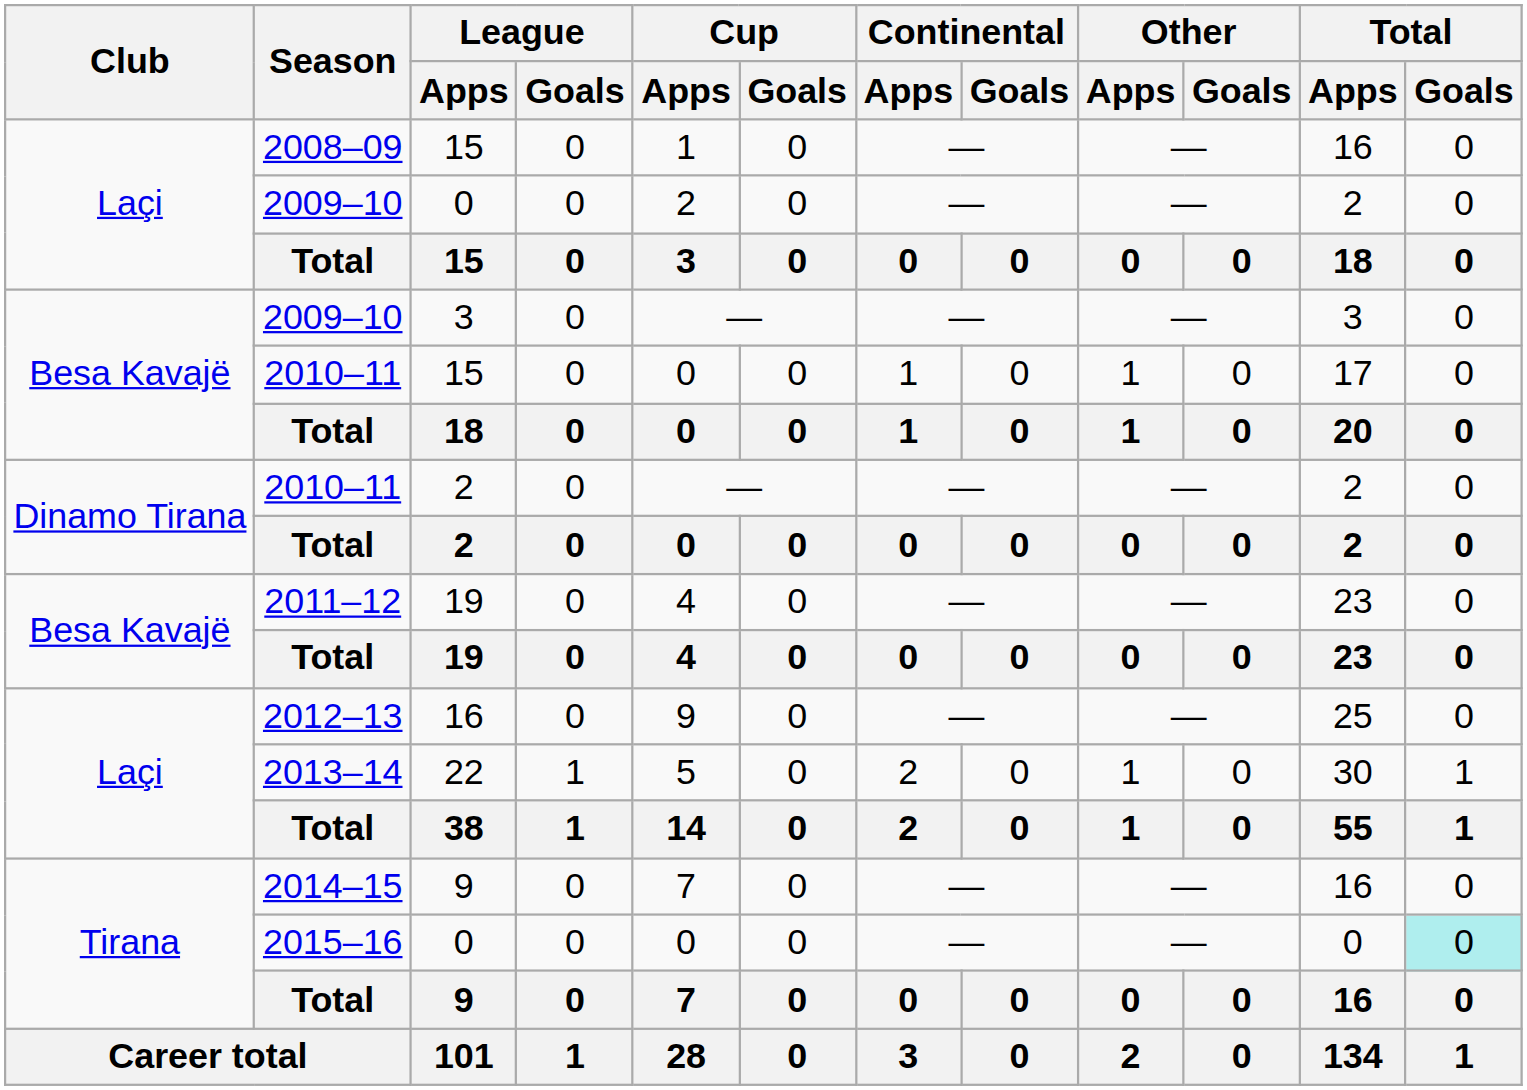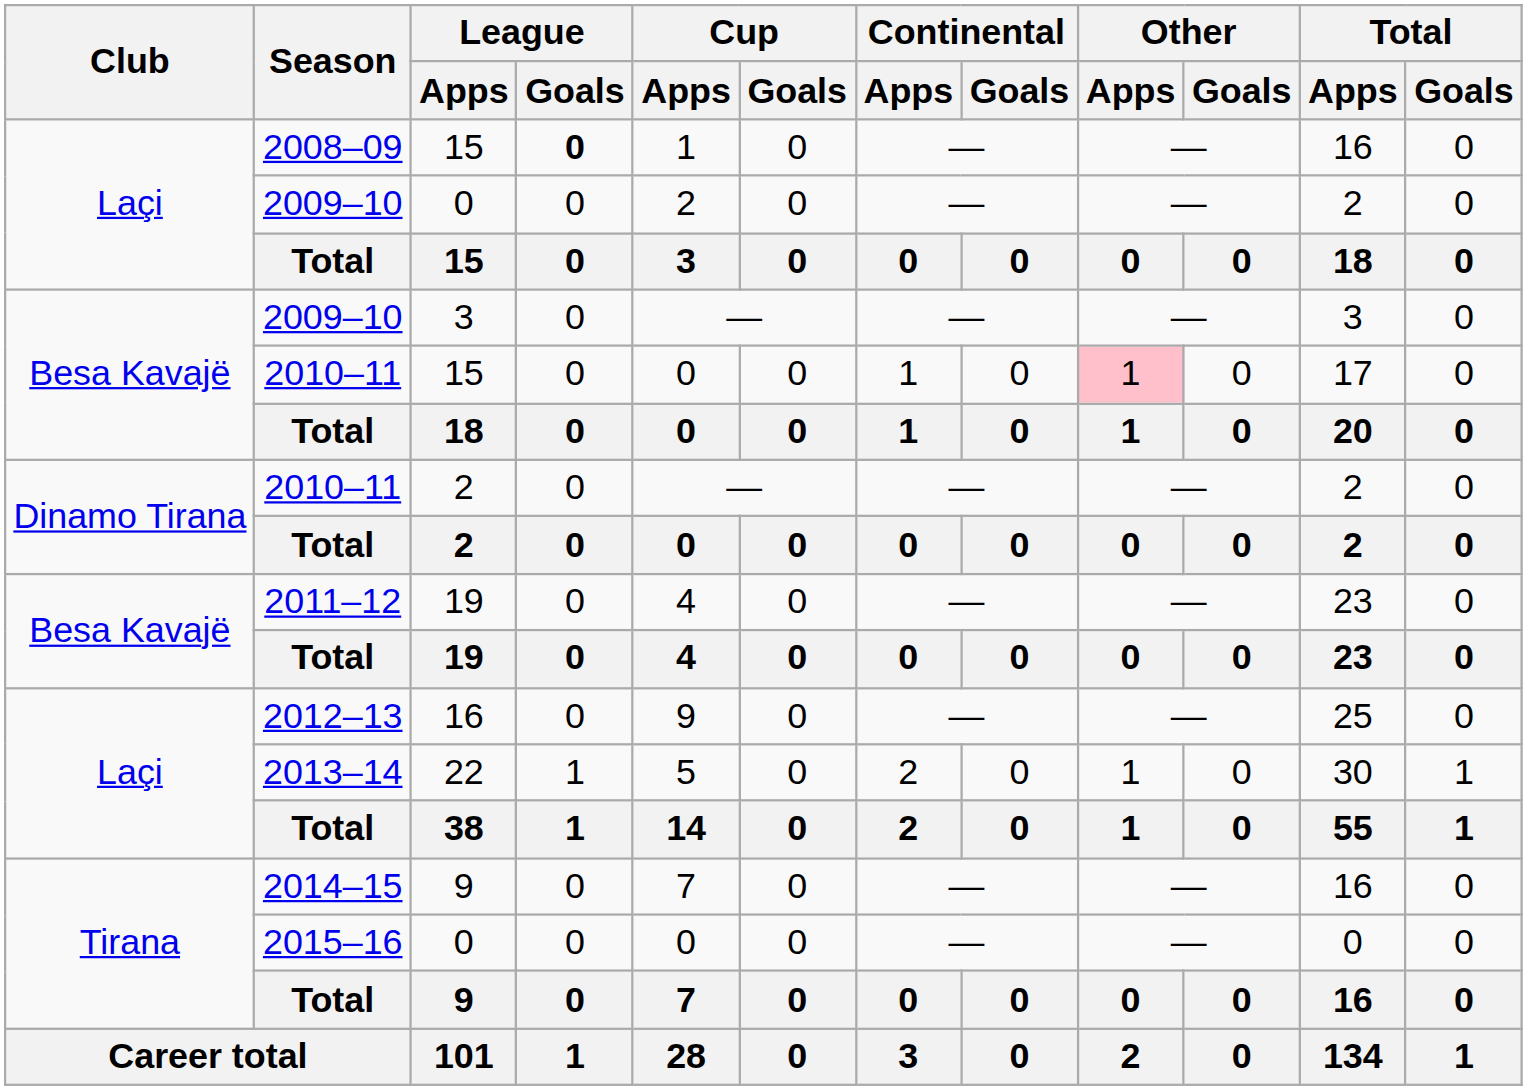 <table class="wikitable" style="text-align: center;">
 <tr>
 <th rowspan="2">Club</th>
 <th rowspan="2">Season</th>
 <th colspan="2">League</th>
 <th colspan="2">Cup</th>
 <th colspan="2">Continental</th>
 <th colspan="2">Other</th>
 <th colspan="2">Total</th>
 </tr>
 <tr>
 <th>Apps</th>
 <th>Goals</th>
 <th>Apps</th>
 <th>Goals</th>
 <th>Apps</th>
 <th>Goals</th>
 <th>Apps</th>
 <th>Goals</th>
 <th>Apps</th>
 <th>Goals</th>
 </tr>
 <tr>
 <td rowspan="3" valign="center"><a href='#'>Laçi</a></td>
 <td><a href='#'>2008–09</a></td>
 <td>15</td>
-<td>0</td>
+<td><strong>0</strong></td>
 <td>1</td>
 <td>0</td>
 <td colspan="2">—</td>
 <td colspan="2">—</td>
 <td>16</td>
 <td>0</td>
 </tr>
 <tr>
 <td><a href='#'>2009–10</a></td>
 <td>0</td>
 <td>0</td>
 <td>2</td>
 <td>0</td>
 <td colspan="2">—</td>
 <td colspan="2">—</td>
 <td>2</td>
 <td>0</td>
 </tr>
 <tr>
 <th>Total</th>
 <th>15</th>
 <th>0</th>
 <th>3</th>
 <th>0</th>
 <th>0</th>
 <th>0</th>
 <th>0</th>
 <th>0</th>
 <th>18</th>
 <th>0</th>
 </tr>
 <tr>
 <td rowspan="3" valign="center"><a href='#'>Besa Kavajë</a></td>
 <td><a href='#'>2009–10</a></td>
 <td>3</td>
 <td>0</td>
 <td colspan="2">—</td>
 <td colspan="2">—</td>
 <td colspan="2">—</td>
 <td>3</td>
 <td>0</td>
 </tr>
 <tr>
 <td><a href='#'>2010–11</a></td>
 <td>15</td>
 <td>0</td>
 <td>0</td>
 <td>0</td>
 <td>1</td>
 <td>0</td>
-<td>1</td>
+<td style="background: pink;">1</td>
 <td>0</td>
 <td>17</td>
 <td>0</td>
 </tr>
 <tr>
 <th>Total</th>
 <th>18</th>
 <th>0</th>
 <th>0</th>
 <th>0</th>
 <th>1</th>
 <th>0</th>
 <th>1</th>
 <th>0</th>
 <th>20</th>
 <th>0</th>
 </tr>
 <tr>
 <td rowspan="2" valign="center"><a href='#'>Dinamo Tirana</a></td>
 <td><a href='#'>2010–11</a></td>
 <td>2</td>
 <td>0</td>
 <td colspan="2">—</td>
 <td colspan="2">—</td>
 <td colspan="2">—</td>
 <td>2</td>
 <td>0</td>
 </tr>
 <tr>
 <th>Total</th>
 <th>2</th>
 <th>0</th>
 <th>0</th>
 <th>0</th>
 <th>0</th>
 <th>0</th>
 <th>0</th>
 <th>0</th>
 <th>2</th>
 <th>0</th>
 </tr>
 <tr>
 <td rowspan="2" valign="center"><a href='#'>Besa Kavajë</a></td>
 <td><a href='#'>2011–12</a></td>
 <td>19</td>
 <td>0</td>
 <td>4</td>
 <td>0</td>
 <td colspan="2">—</td>
 <td colspan="2">—</td>
 <td>23</td>
 <td>0</td>
 </tr>
 <tr>
 <th>Total</th>
 <th>19</th>
 <th>0</th>
 <th>4</th>
 <th>0</th>
 <th>0</th>
 <th>0</th>
 <th>0</th>
 <th>0</th>
 <th>23</th>
 <th>0</th>
 </tr>
 <tr>
 <td rowspan="3" valign="center"><a href='#'>Laçi</a></td>
 <td><a href='#'>2012–13</a></td>
 <td>16</td>
 <td>0</td>
 <td>9</td>
 <td>0</td>
 <td colspan="2">—</td>
 <td colspan="2">—</td>
 <td>25</td>
 <td>0</td>
 </tr>
 <tr>
 <td><a href='#'>2013–14</a></td>
 <td>22</td>
 <td>1</td>
 <td>5</td>
 <td>0</td>
 <td>2</td>
 <td>0</td>
 <td>1</td>
 <td>0</td>
 <td>30</td>
 <td>1</td>
 </tr>
 <tr>
 <th>Total</th>
 <th>38</th>
 <th>1</th>
 <th>14</th>
 <th>0</th>
 <th>2</th>
 <th>0</th>
 <th>1</th>
 <th>0</th>
 <th>55</th>
 <th>1</th>
 </tr>
 <tr>
 <td rowspan="3" valign="center"><a href='#'>Tirana</a></td>
 <td><a href='#'>2014–15</a></td>
 <td>9</td>
 <td>0</td>
 <td>7</td>
 <td>0</td>
 <td colspan="2">—</td>
 <td colspan="2">—</td>
 <td>16</td>
 <td>0</td>
 </tr>
 <tr>
 <td><a href='#'>2015–16</a></td>
 <td>0</td>
 <td>0</td>
 <td>0</td>
 <td>0</td>
 <td colspan="2">—</td>
 <td colspan="2">—</td>
 <td>0</td>
-<td style="background: paleturquoise;">0</td>
+<td>0</td>
 </tr>
 <tr>
 <th>Total</th>
 <th>9</th>
 <th>0</th>
 <th>7</th>
 <th>0</th>
 <th>0</th>
 <th>0</th>
 <th>0</th>
 <th>0</th>
 <th>16</th>
 <th>0</th>
 </tr>
 <tr>
 <th colspan="2">Career total</th>
 <th>101</th>
 <th>1</th>
 <th>28</th>
 <th>0</th>
 <th>3</th>
 <th>0</th>
 <th>2</th>
 <th>0</th>
 <th>134</th>
 <th>1</th>
 </tr>
 </table>
